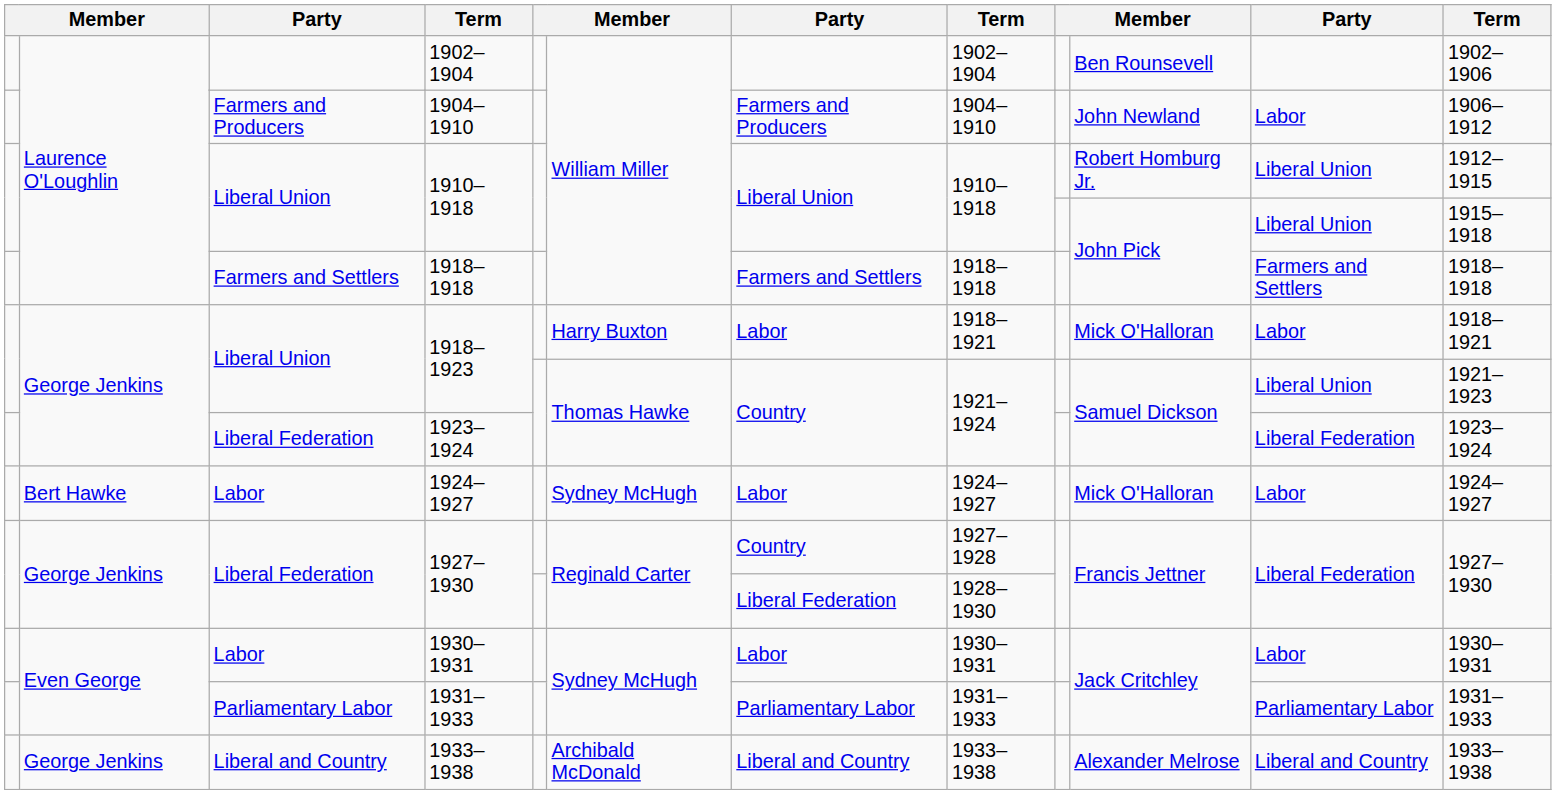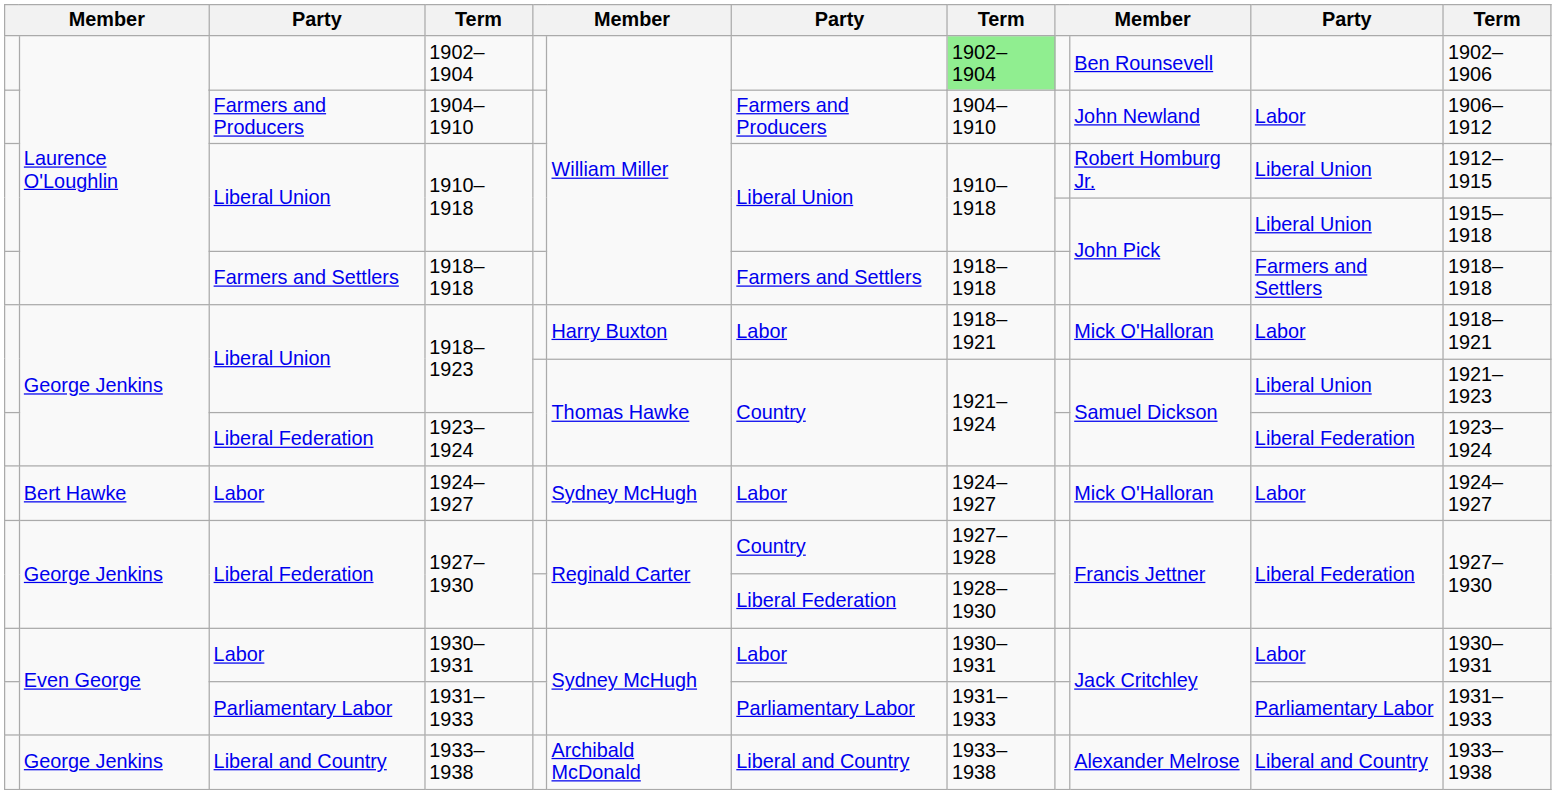 <table class="wikitable">
 <tr>
 <th colspan=2>Member</th>
 <th>Party</th>
 <th>Term</th>
 <th colspan=2>Member</th>
 <th>Party</th>
 <th>Term</th>
 <th colspan=2>Member</th>
 <th>Party</th>
 <th>Term</th>
 </tr>
 <tr>
 <td> </td>
 <td rowspan=7><a href='#'>Laurence O'Loughlin</a></td>
 <td></td>
 <td>1902–1904</td>
 <td> </td>
 <td rowspan=7><a href='#'>William Miller</a></td>
 <td></td>
-<td>1902–1904</td>
+<td style="background: lightgreen;">1902–1904</td>
 <td rowspan=2 > </td>
 <td rowspan=2><a href='#'>Ben Rounsevell</a></td>
 <td rowspan=2></td>
 <td rowspan=2>1902–1906</td>
 </tr>
 <tr>
 <td rowspan=2 > </td>
 <td rowspan=2><a href='#'>Farmers and Producers</a></td>
 <td rowspan=2>1904–1910</td>
 <td rowspan=2 > </td>
 <td rowspan=2><a href='#'>Farmers and Producers</a></td>
 <td rowspan=2>1904–1910</td>
 </tr>
 <tr>
 <td rowspan=2 > </td>
 <td rowspan=2><a href='#'>John Newland</a></td>
 <td rowspan=2><a href='#'>Labor</a></td>
 <td rowspan=2>1906–1912</td>
 </tr>
 <tr>
 <td rowspan=3 > </td>
 <td rowspan=3><a href='#'>Liberal Union</a></td>
 <td rowspan=3>1910–1918</td>
 <td rowspan=3 > </td>
 <td rowspan=3><a href='#'>Liberal Union</a></td>
 <td rowspan=3>1910–1918</td>
 </tr>
 <tr>
 <td> </td>
 <td><a href='#'>Robert Homburg Jr.</a></td>
 <td><a href='#'>Liberal Union</a></td>
 <td>1912–1915</td>
 </tr>
 <tr>
 <td> </td>
 <td rowspan=2><a href='#'>John Pick</a></td>
 <td><a href='#'>Liberal Union</a></td>
 <td>1915–1918</td>
 </tr>
 <tr>
 <td> </td>
 <td><a href='#'>Farmers and Settlers</a></td>
 <td>1918–1918</td>
 <td> </td>
 <td><a href='#'>Farmers and Settlers</a></td>
 <td>1918–1918</td>
 <td> </td>
 <td><a href='#'>Farmers and Settlers</a></td>
 <td>1918–1918</td>
 </tr>
 <tr>
 <td rowspan=2 > </td>
 <td rowspan=3><a href='#'>George Jenkins</a></td>
 <td rowspan=2><a href='#'>Liberal Union</a></td>
 <td rowspan=2>1918–1923</td>
 <td> </td>
 <td><a href='#'>Harry Buxton</a></td>
 <td><a href='#'>Labor</a></td>
 <td>1918–1921</td>
 <td> </td>
 <td><a href='#'>Mick O'Halloran</a></td>
 <td><a href='#'>Labor</a></td>
 <td>1918–1921</td>
 </tr>
 <tr>
 <td rowspan=2 > </td>
 <td rowspan=2><a href='#'>Thomas Hawke</a></td>
 <td rowspan=2><a href='#'>Country</a></td>
 <td rowspan=2>1921–1924</td>
 <td> </td>
 <td rowspan=2><a href='#'>Samuel Dickson</a></td>
 <td><a href='#'>Liberal Union</a></td>
 <td>1921–1923</td>
 </tr>
 <tr>
 <td> </td>
 <td><a href='#'>Liberal Federation</a></td>
 <td>1923–1924</td>
 <td> </td>
 <td><a href='#'>Liberal Federation</a></td>
 <td>1923–1924</td>
 </tr>
 <tr>
 <td> </td>
 <td><a href='#'>Bert Hawke</a></td>
 <td><a href='#'>Labor</a></td>
 <td>1924–1927</td>
 <td> </td>
 <td><a href='#'>Sydney McHugh</a></td>
 <td><a href='#'>Labor</a></td>
 <td>1924–1927</td>
 <td> </td>
 <td><a href='#'>Mick O'Halloran</a></td>
 <td><a href='#'>Labor</a></td>
 <td>1924–1927</td>
 </tr>
 <tr>
 <td rowspan=2 > </td>
 <td rowspan=2><a href='#'>George Jenkins</a></td>
 <td rowspan=2><a href='#'>Liberal Federation</a></td>
 <td rowspan=2>1927–1930</td>
 <td> </td>
 <td rowspan=2><a href='#'>Reginald Carter</a></td>
 <td><a href='#'>Country</a></td>
 <td>1927–1928</td>
 <td rowspan=2 > </td>
 <td rowspan=2><a href='#'>Francis Jettner</a></td>
 <td rowspan=2><a href='#'>Liberal Federation</a></td>
 <td rowspan=2>1927–1930</td>
 </tr>
 <tr>
 <td> </td>
 <td><a href='#'>Liberal Federation</a></td>
 <td>1928–1930</td>
 </tr>
 <tr>
 <td> </td>
 <td rowspan=2><a href='#'>Even George</a></td>
 <td><a href='#'>Labor</a></td>
 <td>1930–1931</td>
 <td> </td>
 <td rowspan=2><a href='#'>Sydney McHugh</a></td>
 <td><a href='#'>Labor</a></td>
 <td>1930–1931</td>
 <td> </td>
 <td rowspan=2><a href='#'>Jack Critchley</a></td>
 <td><a href='#'>Labor</a></td>
 <td>1930–1931</td>
 </tr>
 <tr>
 <td> </td>
 <td><a href='#'>Parliamentary Labor</a></td>
 <td>1931–1933</td>
 <td> </td>
 <td><a href='#'>Parliamentary Labor</a></td>
 <td>1931–1933</td>
 <td> </td>
 <td><a href='#'>Parliamentary Labor</a></td>
 <td>1931–1933</td>
 </tr>
 <tr>
 <td> </td>
 <td><a href='#'>George Jenkins</a></td>
 <td><a href='#'>Liberal and Country</a></td>
 <td>1933–1938</td>
 <td> </td>
 <td><a href='#'>Archibald McDonald</a></td>
 <td><a href='#'>Liberal and Country</a></td>
 <td>1933–1938</td>
 <td> </td>
 <td><a href='#'>Alexander Melrose</a></td>
 <td><a href='#'>Liberal and Country</a></td>
 <td>1933–1938</td>
 </tr>
 </table>
